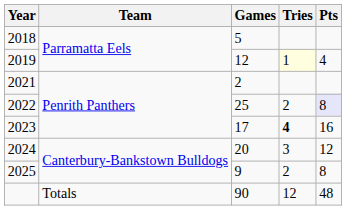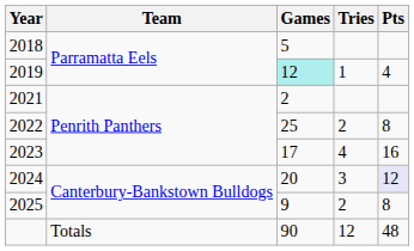 <table class="wikitable">
 <tr>
 <th>Year</th>
 <th>Team</th>
 <th>Games</th>
 <th>Tries</th>
 <th>Pts</th>
 </tr>
 <tr>
 <td>2018</td>
 <td rowspan="2"> <a href='#'>Parramatta Eels</a></td>
 <td>5</td>
 <td></td>
 <td></td>
 </tr>
 <tr>
 <td>2019</td>
-<td>12</td>
-<td style="background: lightyellow;">1</td>
+<td style="background: paleturquoise;">12</td>
+<td>1</td>
 <td>4</td>
 </tr>
 <tr>
 <td>2021</td>
 <td rowspan="3"> <a href='#'>Penrith Panthers</a></td>
 <td>2</td>
 <td></td>
 <td></td>
 </tr>
 <tr>
 <td>2022</td>
 <td>25</td>
 <td>2</td>
-<td style="background: lavender;">8</td>
+<td>8</td>
 </tr>
 <tr>
 <td>2023</td>
 <td>17</td>
-<td><strong>4</strong></td>
+<td>4</td>
 <td>16</td>
 </tr>
 <tr>
 <td>2024</td>
 <td rowspan="2"> <a href='#'>Canterbury-Bankstown Bulldogs</a></td>
 <td>20</td>
 <td>3</td>
-<td>12</td>
+<td style="background: lavender;">12</td>
 </tr>
 <tr>
 <td>2025</td>
 <td>9</td>
 <td>2</td>
 <td>8</td>
 </tr>
 <tr>
 <td></td>
 <td>Totals</td>
 <td>90</td>
 <td>12</td>
 <td>48</td>
 </tr>
 </table>
